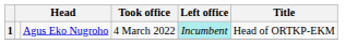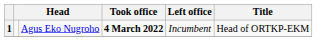 <table class="wikitable sortable">
 <tr>
 <th></th>
 <th colspan="2">Head</th>
 <th>Took office</th>
 <th>Left office</th>
 <th>Title</th>
 </tr>
 <tr>
 <th>1</th>
 <td></td>
 <td><a href='#'>Agus Eko Nugroho</a></td>
-<td align="center">4 March 2022</td>
-<td align="center" style="background: paleturquoise;"><em>Incumbent</em></td>
+<td align="center"><strong>4 March 2022</strong></td>
+<td align="center"><em>Incumbent</em></td>
 <td align="center">Head of ORTKP-EKM</td>
 </tr>
 <tr>
 </tr>
 </table>
